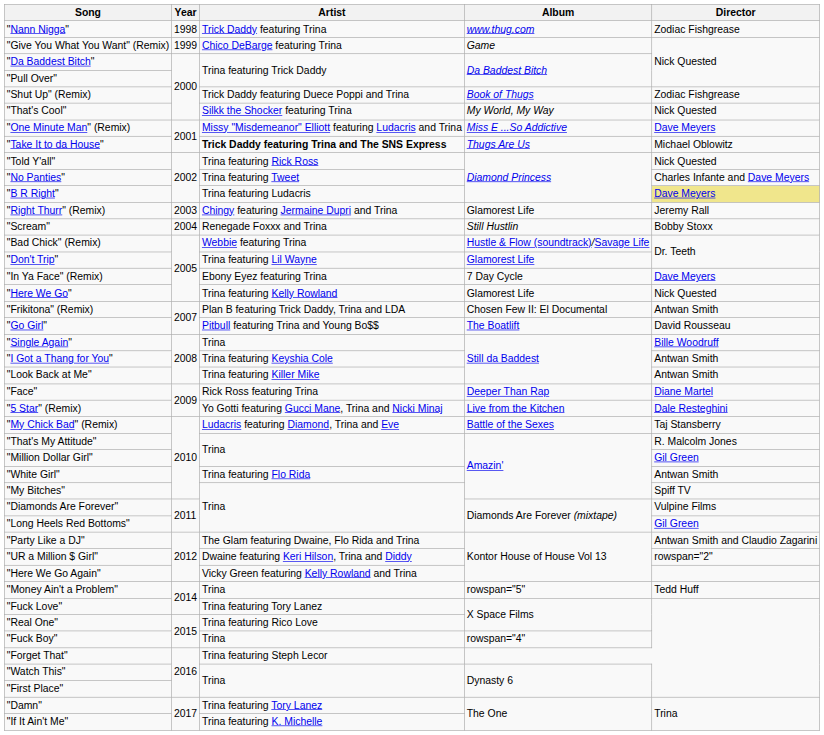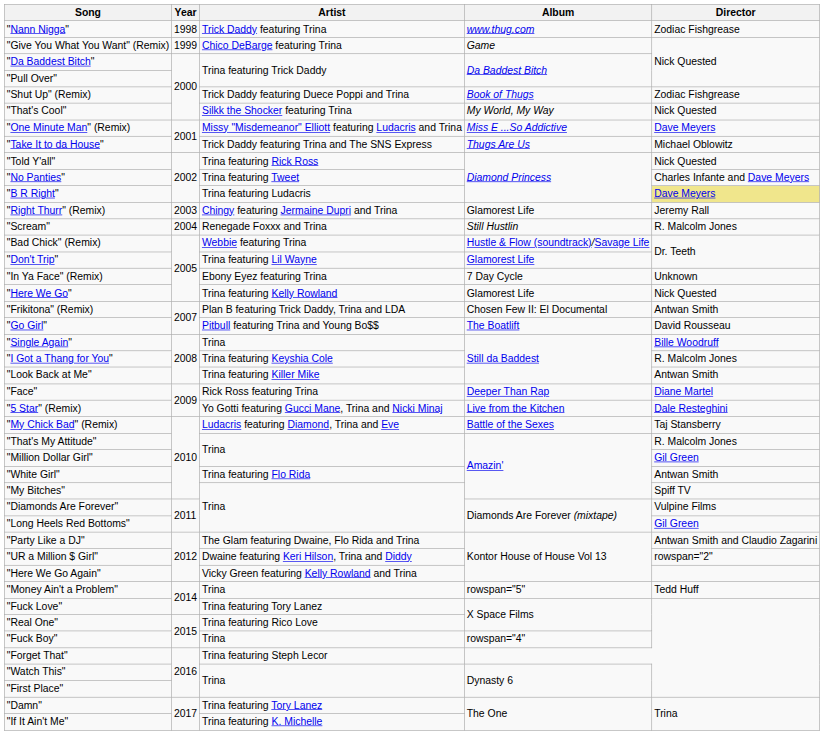 <table class="wikitable">
 <tr>
 <th scope="col">Song</th>
 <th scope="col">Year</th>
 <th scope="col">Artist</th>
 <th scope="col">Album</th>
 <th scope="col">Director</th>
 </tr>
 <tr>
 <td>"<a href='#'>Nann Nigga</a>"</td>
 <td>1998</td>
 <td><a href='#'>Trick Daddy</a> featuring Trina</td>
 <td><em><a href='#'>www.thug.com</a></em></td>
 <td>Zodiac Fishgrease</td>
 </tr>
 <tr>
 <td>"Give You What You Want" (Remix)</td>
 <td>1999</td>
 <td><a href='#'>Chico DeBarge</a> featuring Trina</td>
 <td><em>Game</em></td>
 <td rowspan="3">Nick Quested</td>
 </tr>
 <tr>
 <td>"<a href='#'>Da Baddest Bitch</a>"</td>
 <td rowspan="4">2000</td>
 <td rowspan="2">Trina featuring Trick Daddy</td>
 <td rowspan="2"><em><a href='#'>Da Baddest Bitch</a></em></td>
 </tr>
 <tr>
 <td>"Pull Over"</td>
 </tr>
 <tr>
 <td>"Shut Up" (Remix)</td>
 <td>Trick Daddy featuring Duece Poppi and Trina</td>
 <td><em><a href='#'>Book of Thugs</a></em></td>
 <td>Zodiac Fishgrease</td>
 </tr>
 <tr>
 <td>"That's Cool"</td>
 <td><a href='#'>Silkk the Shocker</a> featuring Trina</td>
 <td><em>My World, My Way</em></td>
 <td>Nick Quested</td>
 </tr>
 <tr>
 <td>"<a href='#'>One Minute Man</a>" (Remix)</td>
 <td rowspan="2">2001</td>
 <td><a href='#'>Missy "Misdemeanor" Elliott</a> featuring <a href='#'>Ludacris</a> and Trina</td>
 <td><em><a href='#'>Miss E ...So Addictive</a></em></td>
 <td><a href='#'>Dave Meyers</a></td>
 </tr>
 <tr>
 <td>"<a href='#'>Take It to da House</a>"</td>
-<td><strong>Trick Daddy featuring Trina and The SNS Express</strong></td>
+<td>Trick Daddy featuring Trina and The SNS Express</td>
 <td><em><a href='#'>Thugs Are Us</a></em></td>
 <td>Michael Oblowitz</td>
 </tr>
 <tr>
 <td>"Told Y'all"</td>
 <td rowspan="3">2002</td>
 <td>Trina featuring <a href='#'>Rick Ross</a></td>
 <td rowspan="3"><em><a href='#'>Diamond Princess</a></em></td>
 <td>Nick Quested</td>
 </tr>
 <tr>
 <td>"<a href='#'>No Panties</a>"</td>
 <td>Trina featuring <a href='#'>Tweet</a></td>
 <td>Charles Infante and <a href='#'>Dave Meyers</a></td>
 </tr>
 <tr>
 <td>"<a href='#'>B R Right</a>"</td>
 <td>Trina featuring Ludacris</td>
 <td style="background: khaki;"><a href='#'>Dave Meyers</a></td>
 </tr>
 <tr>
 <td>"<a href='#'>Right Thurr</a>" (Remix)</td>
 <td>2003</td>
 <td><a href='#'>Chingy</a> featuring <a href='#'>Jermaine Dupri</a> and Trina</td>
 <td></em>Glamorest Life<em></td>
 <td>Jeremy Rall</td>
 </tr>
 <tr>
 <td>"Scream"</td>
 <td>2004</td>
 <td>Renegade Foxxx and Trina</td>
 <td><em>Still Hustlin<strong></td>
-<td>Bobby Stoxx</td>
+<td>R. Malcolm Jones</td>
 </tr>
 <tr>
 <td>"Bad Chick" (Remix)</td>
 <td rowspan="4">2005</td>
 <td><a href='#'>Webbie</a> featuring Trina</td>
 <td></em><a href='#'>Hustle & Flow (soundtrack)</a><em>/</em><a href='#'>Savage Life</a><em></td>
 <td rowspan="2">Dr. Teeth</td>
 </tr>
 <tr>
 <td>"<a href='#'>Don't Trip</a>"</td>
 <td>Trina featuring <a href='#'>Lil Wayne</a></td>
 <td></em><a href='#'>Glamorest Life</a><em></td>
 </tr>
 <tr>
 <td>"In Ya Face" (Remix)</td>
 <td>Ebony Eyez featuring Trina</td>
 <td></em>7 Day Cycle<em></td>
-<td><a href='#'>Dave Meyers</a></td>
+<td>Unknown</td>
 </tr>
 <tr>
 <td>"<a href='#'>Here We Go</a>"</td>
 <td>Trina featuring <a href='#'>Kelly Rowland</a></td>
 <td></em>Glamorest Life<em></td>
 <td>Nick Quested</td>
 </tr>
 <tr>
 <td>"Frikitona" (Remix)</td>
 <td rowspan="2">2007</td>
 <td>Plan B featuring Trick Daddy, Trina and LDA</td>
 <td></em>Chosen Few II: El Documental<em></td>
 <td>Antwan Smith</td>
 </tr>
 <tr>
 <td>"<a href='#'>Go Girl</a>"</td>
 <td><a href='#'>Pitbull</a> featuring Trina and Young Bo$$</td>
 <td></em><a href='#'>The Boatlift</a><em></td>
 <td>David Rousseau</td>
 </tr>
 <tr>
 <td>"<a href='#'>Single Again</a>"</td>
 <td rowspan="3">2008</td>
 <td>Trina</td>
 <td rowspan="3"></em><a href='#'>Still da Baddest</a><em></td>
 <td><a href='#'>Bille Woodruff</a></td>
 </tr>
 <tr>
 <td>"<a href='#'>I Got a Thang for You</a>"</td>
 <td>Trina featuring <a href='#'>Keyshia Cole</a></td>
-<td>Antwan Smith</td>
+<td>R. Malcolm Jones</td>
 </tr>
 <tr>
 <td>"Look Back at Me"</td>
 <td>Trina featuring <a href='#'>Killer Mike</a></td>
 <td>Antwan Smith</td>
 </tr>
 <tr>
 <td>"Face"</td>
 <td rowspan="2">2009</td>
 <td>Rick Ross featuring Trina</td>
 <td></em><a href='#'>Deeper Than Rap</a><em></td>
 <td><a href='#'>Diane Martel</a></td>
 </tr>
 <tr>
 <td>"<a href='#'>5 Star</a>" (Remix)</td>
 <td>Yo Gotti featuring <a href='#'>Gucci Mane</a>, Trina and <a href='#'>Nicki Minaj</a></td>
 <td></em><a href='#'>Live from the Kitchen</a><em></td>
 <td><a href='#'>Dale Resteghini</a></td>
 </tr>
 <tr>
 <td>"<a href='#'>My Chick Bad</a>" (Remix)</td>
 <td rowspan="5">2010</td>
 <td><a href='#'>Ludacris</a> featuring <a href='#'>Diamond</a>, Trina and <a href='#'>Eve</a></td>
 <td></em><a href='#'>Battle of the Sexes</a><em></td>
 <td>Taj Stansberry</td>
 </tr>
 <tr>
 <td>"That's My Attitude"</td>
 <td rowspan="2">Trina</td>
 <td rowspan="4"></em><a href='#'>Amazin'</a><em></td>
 <td>R. Malcolm Jones</td>
 </tr>
 <tr>
 <td>"Million Dollar Girl"</td>
 <td><a href='#'>Gil Green</a></td>
 </tr>
 <tr>
 <td>"White Girl"</td>
 <td>Trina featuring <a href='#'>Flo Rida</a></td>
 <td>Antwan Smith</td>
 </tr>
 <tr>
 <td>"My Bitches"</td>
 <td rowspan="3">Trina</td>
 <td>Spiff TV</td>
 </tr>
 <tr>
 <td>"Diamonds Are Forever"</td>
 <td rowspan="2">2011</td>
 <td rowspan="2"></em>Diamonds Are Forever<em> (mixtape)</td>
 <td>Vulpine Films</td>
 </tr>
 <tr>
 <td>"Long Heels Red Bottoms"</td>
 <td><a href='#'>Gil Green</a></td>
 </tr>
 <tr>
 <td>"Party Like a DJ"</td>
 <td rowspan="3">2012</td>
 <td>The Glam featuring Dwaine, Flo Rida and Trina</td>
 <td rowspan="3"></em>Kontor House of House Vol 13<em></td>
 <td>Antwan Smith and Claudio Zagarini</td>
 </tr>
 <tr>
 <td>"UR a Million $ Girl"</td>
 <td>Dwaine featuring <a href='#'>Keri Hilson</a>, Trina and <a href='#'>Diddy</a></td>
 <td>rowspan="2" </td>
 </tr>
 <tr>
 <td>"Here We Go Again"</td>
 <td>Vicky Green featuring <a href='#'>Kelly Rowland</a> and Trina</td>
 </tr>
 <tr>
 <td>"Money Ain't a Problem"</td>
 <td rowspan="2">2014</td>
 <td>Trina</td>
 <td>rowspan="5" </td>
 <td>Tedd Huff</td>
 </tr>
 <tr>
 <td>"Fuck Love"</td>
 <td>Trina featuring Tory Lanez</td>
 <td rowspan="2">X Space Films</td>
 </tr>
 <tr>
 <td>"Real One"</td>
 <td rowspan="2">2015</td>
 <td>Trina featuring Rico Love</td>
 </tr>
 <tr>
 <td>"Fuck Boy"</td>
 <td>Trina</td>
 <td>rowspan="4" </td>
 </tr>
 <tr>
 <td>"Forget That"</td>
 <td rowspan="3">2016</td>
 <td>Trina featuring Steph Lecor</td>
 </tr>
 <tr>
 <td>"Watch This"</td>
 <td rowspan="2">Trina</td>
 <td rowspan="2"></em>Dynasty 6<em></td>
 </tr>
 <tr>
 <td>"First Place"</td>
 </tr>
 <tr>
 <td>"Damn"</td>
 <td rowspan="2">2017</td>
 <td>Trina featuring <a href='#'>Tory Lanez</a></td>
 <td rowspan="2"></em>The One<em></td>
 <td rowspan="2">Trina</td>
 </tr>
 <tr>
 <td>"If It Ain't Me"</td>
 <td>Trina featuring <a href='#'>K. Michelle</a></td>
 </tr>
 </table>
